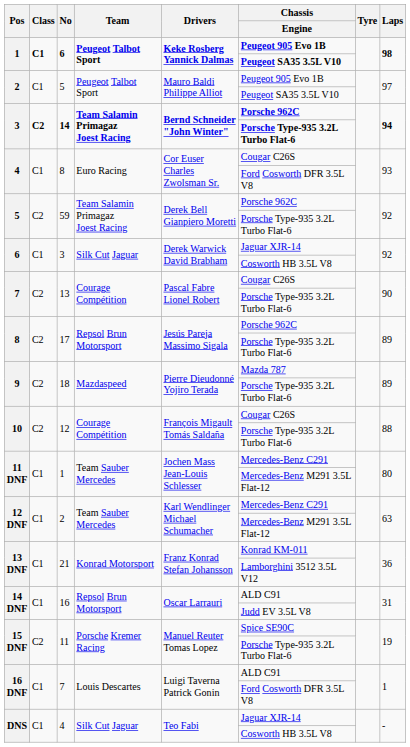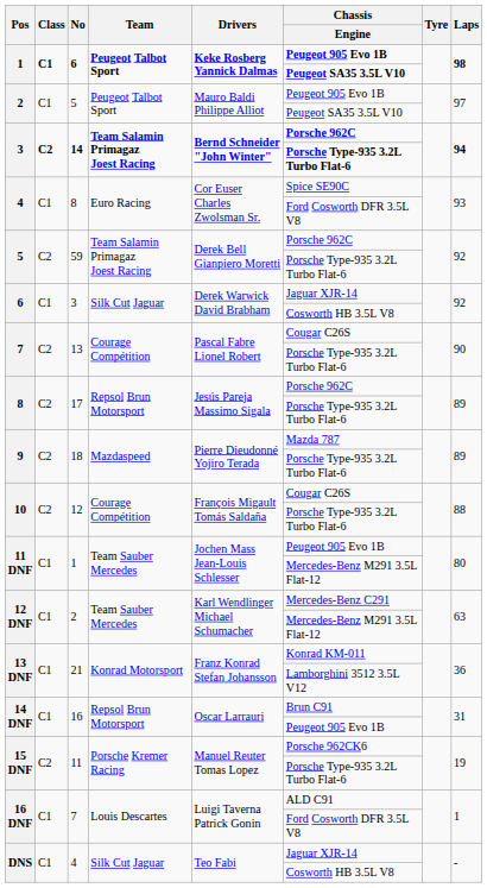 <table class="wikitable" style="font-size: 95%;">
 <tr>
 <th rowspan=2>Pos</th>
 <th rowspan=2>Class</th>
 <th rowspan=2>No</th>
 <th rowspan=2>Team</th>
 <th rowspan=2>Drivers</th>
 <th>Chassis</th>
 <th rowspan=2>Tyre</th>
 <th rowspan=2>Laps</th>
 </tr>
 <tr>
 <th>Engine</th>
 </tr>
 <tr style="font-weight:bold">
 <th rowspan=2>1</th>
 <td rowspan=2>C1</td>
 <td rowspan=2>6</td>
 <td rowspan=2> <a href='#'>Peugeot</a> <a href='#'>Talbot</a> Sport</td>
 <td rowspan=2> <a href='#'>Keke Rosberg</a><br> <a href='#'>Yannick Dalmas</a></td>
 <td><a href='#'>Peugeot 905</a> Evo 1B</td>
 <td rowspan=2></td>
 <td rowspan=2>98</td>
 </tr>
 <tr style="font-weight:bold">
 <td><a href='#'>Peugeot</a> SA35 3.5L V10</td>
 </tr>
 <tr>
 <th rowspan=2>2</th>
 <td rowspan=2>C1</td>
 <td rowspan=2>5</td>
 <td rowspan=2> <a href='#'>Peugeot</a> <a href='#'>Talbot</a> Sport</td>
 <td rowspan=2> <a href='#'>Mauro Baldi</a><br> <a href='#'>Philippe Alliot</a></td>
 <td><a href='#'>Peugeot 905</a> Evo 1B</td>
 <td rowspan=2></td>
 <td rowspan=2>97</td>
 </tr>
 <tr>
 <td><a href='#'>Peugeot</a> SA35 3.5L V10</td>
 </tr>
 <tr style="font-weight:bold">
 <th rowspan=2>3</th>
 <td rowspan=2>C2</td>
 <td rowspan=2>14</td>
 <td rowspan=2> <a href='#'>Team Salamin</a> Primagaz<br> <a href='#'>Joest Racing</a></td>
 <td rowspan=2> <a href='#'>Bernd Schneider</a><br> <a href='#'>"John Winter"</a></td>
 <td><a href='#'>Porsche 962C</a></td>
 <td rowspan=2></td>
 <td rowspan=2>94</td>
 </tr>
 <tr style="font-weight:bold">
 <td><a href='#'>Porsche</a> Type-935 3.2L Turbo Flat-6</td>
 </tr>
 <tr>
 <th rowspan=2>4</th>
 <td rowspan=2>C1</td>
 <td rowspan=2>8</td>
 <td rowspan=2> Euro Racing</td>
 <td rowspan=2> <a href='#'>Cor Euser</a><br> <a href='#'>Charles Zwolsman Sr.</a></td>
-<td><a href='#'>Cougar</a> C26S</td>
+<td><a href='#'>Spice SE90C</a></td>
 <td rowspan=2></td>
 <td rowspan=2>93</td>
 </tr>
 <tr>
 <td><a href='#'>Ford</a> <a href='#'>Cosworth</a> DFR 3.5L V8</td>
 </tr>
 <tr>
 <th rowspan=2>5</th>
 <td rowspan=2>C2</td>
 <td rowspan=2>59</td>
 <td rowspan=2> <a href='#'>Team Salamin</a> Primagaz<br> <a href='#'>Joest Racing</a></td>
 <td rowspan=2> <a href='#'>Derek Bell</a><br> <a href='#'>Gianpiero Moretti</a></td>
 <td><a href='#'>Porsche 962C</a></td>
 <td rowspan=2></td>
 <td rowspan=2>92</td>
 </tr>
 <tr>
 <td><a href='#'>Porsche</a> Type-935 3.2L Turbo Flat-6</td>
 </tr>
 <tr>
 <th rowspan=2>6</th>
 <td rowspan=2>C1</td>
 <td rowspan=2>3</td>
 <td rowspan=2> <a href='#'>Silk Cut</a> <a href='#'>Jaguar</a></td>
 <td rowspan=2> <a href='#'>Derek Warwick</a><br> <a href='#'>David Brabham</a></td>
 <td><a href='#'>Jaguar XJR-14</a></td>
 <td rowspan=2></td>
 <td rowspan=2>92</td>
 </tr>
 <tr>
 <td><a href='#'>Cosworth</a> HB 3.5L V8</td>
 </tr>
 <tr>
 <th rowspan=2>7</th>
 <td rowspan=2>C2</td>
 <td rowspan=2>13</td>
 <td rowspan=2> <a href='#'>Courage Compétition</a></td>
 <td rowspan=2> <a href='#'>Pascal Fabre</a><br> <a href='#'>Lionel Robert</a></td>
 <td><a href='#'>Cougar</a> C26S</td>
 <td rowspan=2></td>
 <td rowspan=2>90</td>
 </tr>
 <tr>
 <td><a href='#'>Porsche</a> Type-935 3.2L Turbo Flat-6</td>
 </tr>
 <tr>
 <th rowspan=2>8</th>
 <td rowspan=2>C2</td>
 <td rowspan=2>17</td>
 <td rowspan=2> <a href='#'>Repsol</a> <a href='#'>Brun Motorsport</a></td>
 <td rowspan=2> <a href='#'>Jesús Pareja</a><br> <a href='#'>Massimo Sigala</a></td>
 <td><a href='#'>Porsche 962C</a></td>
 <td rowspan=2></td>
 <td rowspan=2>89</td>
 </tr>
 <tr>
 <td><a href='#'>Porsche</a> Type-935 3.2L Turbo Flat-6</td>
 </tr>
 <tr>
 <th rowspan=2>9</th>
 <td rowspan=2>C2</td>
 <td rowspan=2>18</td>
 <td rowspan=2> <a href='#'>Mazdaspeed</a></td>
 <td rowspan=2> <a href='#'>Pierre Dieudonné</a><br> <a href='#'>Yojiro Terada</a></td>
 <td><a href='#'>Mazda 787</a></td>
 <td rowspan=2></td>
 <td rowspan=2>89</td>
 </tr>
 <tr>
 <td><a href='#'>Porsche</a> Type-935 3.2L Turbo Flat-6</td>
 </tr>
 <tr>
 <th rowspan=2>10</th>
 <td rowspan=2>C2</td>
 <td rowspan=2>12</td>
 <td rowspan=2> <a href='#'>Courage Compétition</a></td>
 <td rowspan=2> <a href='#'>François Migault</a><br> <a href='#'>Tomás Saldaña</a></td>
 <td><a href='#'>Cougar</a> C26S</td>
 <td rowspan=2></td>
 <td rowspan=2>88</td>
 </tr>
 <tr>
 <td><a href='#'>Porsche</a> Type-935 3.2L Turbo Flat-6</td>
 </tr>
 <tr>
 <th rowspan=2>11<br>DNF</th>
 <td rowspan=2>C1</td>
 <td rowspan=2>1</td>
 <td rowspan=2> Team <a href='#'>Sauber</a> <a href='#'>Mercedes</a></td>
 <td rowspan=2> <a href='#'>Jochen Mass</a><br> <a href='#'>Jean-Louis Schlesser</a></td>
-<td><a href='#'>Mercedes-Benz C291</a></td>
+<td><a href='#'>Peugeot 905</a> Evo 1B</td>
 <td rowspan=2></td>
 <td rowspan=2>80</td>
 </tr>
 <tr>
 <td><a href='#'>Mercedes-Benz</a> M291 3.5L Flat-12</td>
 </tr>
 <tr>
 <th rowspan=2>12<br>DNF</th>
 <td rowspan=2>C1</td>
 <td rowspan=2>2</td>
 <td rowspan=2> Team <a href='#'>Sauber</a> <a href='#'>Mercedes</a></td>
 <td rowspan=2> <a href='#'>Karl Wendlinger</a><br> <a href='#'>Michael Schumacher</a></td>
 <td><a href='#'>Mercedes-Benz C291</a></td>
 <td rowspan=2></td>
 <td rowspan=2>63</td>
 </tr>
 <tr>
 <td><a href='#'>Mercedes-Benz</a> M291 3.5L Flat-12</td>
 </tr>
 <tr>
 <th rowspan=2>13<br>DNF</th>
 <td rowspan=2>C1</td>
 <td rowspan=2>21</td>
 <td rowspan=2> <a href='#'>Konrad Motorsport</a></td>
 <td rowspan=2> <a href='#'>Franz Konrad</a><br> <a href='#'>Stefan Johansson</a></td>
 <td><a href='#'>Konrad KM-011</a></td>
 <td rowspan=2></td>
 <td rowspan=2>36</td>
 </tr>
 <tr>
 <td><a href='#'>Lamborghini</a> 3512 3.5L V12</td>
 </tr>
 <tr>
 <th rowspan=2>14<br>DNF</th>
 <td rowspan=2>C1</td>
 <td rowspan=2>16</td>
 <td rowspan=2> <a href='#'>Repsol</a> <a href='#'>Brun Motorsport</a></td>
 <td rowspan=2> <a href='#'>Oscar Larrauri</a></td>
-<td>ALD C91</td>
+<td><a href='#'>Brun C91</a></td>
 <td rowspan=2></td>
 <td rowspan=2>31</td>
 </tr>
 <tr>
-<td><a href='#'>Judd</a> EV 3.5L V8</td>
+<td><a href='#'>Peugeot 905</a> Evo 1B</td>
 </tr>
 <tr>
 <th rowspan=2>15<br>DNF</th>
 <td rowspan=2>C2</td>
 <td rowspan=2>11</td>
 <td rowspan=2> <a href='#'>Porsche</a> <a href='#'>Kremer Racing</a></td>
 <td rowspan=2> <a href='#'>Manuel Reuter</a><br> Tomas Lopez</td>
-<td><a href='#'>Spice SE90C</a></td>
+<td><a href='#'>Porsche 962CK</a>6</td>
 <td rowspan=2></td>
 <td rowspan=2>19</td>
 </tr>
 <tr>
 <td><a href='#'>Porsche</a> Type-935 3.2L Turbo Flat-6</td>
 </tr>
 <tr>
 <th rowspan=2>16<br>DNF</th>
 <td rowspan=2>C1</td>
 <td rowspan=2>7</td>
 <td rowspan=2> Louis Descartes</td>
 <td rowspan=2> Luigi Taverna<br> Patrick Gonin</td>
 <td>ALD C91</td>
 <td rowspan=2></td>
 <td rowspan=2>1</td>
 </tr>
 <tr>
 <td><a href='#'>Ford</a> <a href='#'>Cosworth</a> DFR 3.5L V8</td>
 </tr>
 <tr>
 <th rowspan=2>DNS</th>
 <td rowspan=2>C1</td>
 <td rowspan=2>4</td>
 <td rowspan=2> <a href='#'>Silk Cut</a> <a href='#'>Jaguar</a></td>
 <td rowspan=2> <a href='#'>Teo Fabi</a></td>
 <td><a href='#'>Jaguar XJR-14</a></td>
 <td rowspan=2></td>
 <td rowspan=2>-</td>
 </tr>
 <tr>
 <td><a href='#'>Cosworth</a> HB 3.5L V8</td>
 </tr>
 </table>
